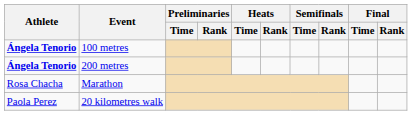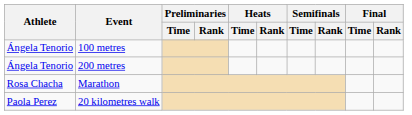 <table class=wikitable style="font-size:90%;">
 <tr>
 <th rowspan="2">Athlete</th>
 <th rowspan="2">Event</th>
 <th colspan="2">Preliminaries</th>
 <th colspan="2">Heats</th>
 <th colspan="2">Semifinals</th>
 <th colspan="2">Final</th>
 </tr>
 <tr>
 <th>Time</th>
 <th>Rank</th>
 <th>Time</th>
 <th>Rank</th>
 <th>Time</th>
 <th>Rank</th>
 <th>Time</th>
 <th>Rank</th>
 </tr>
 <tr style="border-top: single;">
-<td><strong><a href='#'>Ángela Tenorio</a></strong></td>
+<td><a href='#'>Ángela Tenorio</a></td>
 <td><a href='#'>100 metres</a></td>
 <td colspan= 2 bgcolor="wheat"></td>
 <td align=center></td>
 <td align=center></td>
 <td align=center></td>
 <td align=center></td>
 <td align=center></td>
 <td align=center></td>
 </tr>
 <tr style="border-top: single;">
-<td><strong><a href='#'>Ángela Tenorio</a></strong></td>
+<td><a href='#'>Ángela Tenorio</a></td>
 <td><a href='#'>200 metres</a></td>
 <td colspan= 2 bgcolor="wheat"></td>
 <td align=center></td>
 <td align=center></td>
 <td align=center></td>
 <td align=center></td>
 <td align=center></td>
 <td align=center></td>
 </tr>
 <tr style="border-top: single;">
 <td><a href='#'>Rosa Chacha</a></td>
 <td><a href='#'>Marathon</a></td>
 <td colspan= 6 bgcolor="wheat"></td>
 <td align=center></td>
 <td align=center></td>
 </tr>
 <tr style="border-top: single;">
 <td><a href='#'>Paola Perez</a></td>
 <td><a href='#'>20 kilometres walk</a></td>
 <td colspan= 6 bgcolor="wheat"></td>
 <td align=center></td>
 <td align=center></td>
 </tr>
 </table>
